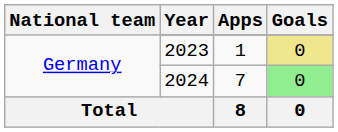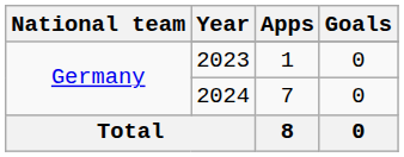 <table class="wikitable" style="text-align:center">
 <tr>
 <th>National team</th>
 <th>Year</th>
 <th>Apps</th>
 <th>Goals</th>
 </tr>
 <tr>
 <td rowspan="3"><a href='#'>Germany</a></td>
 </tr>
 <tr>
 <td>2023</td>
 <td>1</td>
-<td style="background: khaki;">0</td>
+<td>0</td>
 </tr>
 <tr>
 <td>2024</td>
 <td>7</td>
-<td style="background: lightgreen;">0</td>
+<td>0</td>
 </tr>
 <tr>
 <th colspan="2">Total</th>
 <th>8</th>
 <th>0</th>
 </tr>
 </table>
